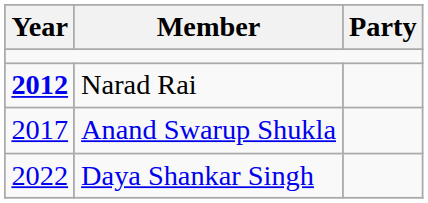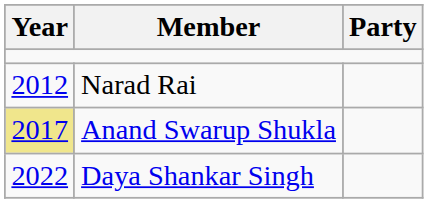 <table class="wikitable">
 <tr>
 <th>Year</th>
 <th>Member</th>
 <th colspan="2">Party</th>
 </tr>
 <tr>
 <td colspan="4"></td>
 </tr>
 <tr>
-<td><strong><a href='#'>2012</a></strong></td>
+<td><a href='#'>2012</a></td>
 <td>Narad Rai</td>
 <td></td>
 </tr>
 <tr>
-<td><a href='#'>2017</a></td>
+<td style="background: khaki;"><a href='#'>2017</a></td>
 <td><a href='#'>Anand Swarup Shukla</a></td>
 <td></td>
 </tr>
 <tr>
 <td><a href='#'>2022</a></td>
 <td><a href='#'>Daya Shankar Singh</a></td>
 </tr>
 </table>
